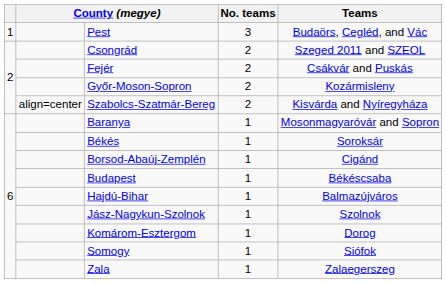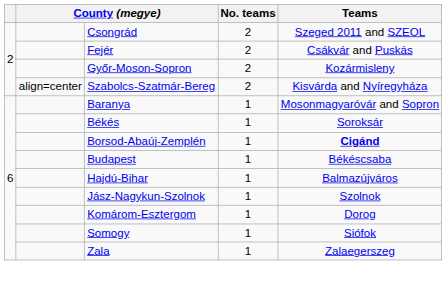 <table class="wikitable">
 <tr>
 <th></th>
 <th colspan=2><a href='#'>County</a> <em>(megye)</em></th>
 <th>No. teams</th>
 <th>Teams</th>
-</tr>
-<tr>
-<td rowspan=1>1</td>
-<td align=center></td>
-<td><a href='#'>Pest</a></td>
-<td align=center>3</td>
-<td align=center><a href='#'>Budaörs</a>, <a href='#'>Cegléd</a>, and <a href='#'>Vác</a></td>
 </tr>
 <tr>
 <td rowspan=4>2</td>
 <td align=center></td>
 <td><a href='#'>Csongrád</a></td>
 <td align=center>2</td>
 <td align=center><a href='#'>Szeged 2011</a> and <a href='#'>SZEOL</a></td>
 </tr>
 <tr>
 <td align=center></td>
 <td><a href='#'>Fejér</a></td>
 <td align=center>2</td>
 <td align=center><a href='#'>Csákvár</a> and <a href='#'>Puskás</a></td>
 </tr>
 <tr>
 <td align=center></td>
 <td><a href='#'>Győr-Moson-Sopron</a></td>
 <td align=center>2</td>
 <td align=center><a href='#'>Kozármisleny</a></td>
 </tr>
 <tr>
 <td>align=center</td>
 <td><a href='#'>Szabolcs-Szatmár-Bereg</a></td>
 <td align=center>2</td>
 <td align=center><a href='#'>Kisvárda</a> and <a href='#'>Nyíregyháza</a></td>
 </tr>
 <tr>
 <td rowspan=9>6</td>
 <td align=center></td>
 <td><a href='#'>Baranya</a></td>
 <td align=center>1</td>
 <td align=center><a href='#'>Mosonmagyaróvár</a> and <a href='#'>Sopron</a></td>
 </tr>
 <tr>
 <td align=center></td>
 <td><a href='#'>Békés</a></td>
 <td align=center>1</td>
 <td align=center><a href='#'>Soroksár</a></td>
 </tr>
 <tr>
 <td align=center></td>
 <td><a href='#'>Borsod-Abaúj-Zemplén</a></td>
 <td align=center>1</td>
-<td align=center><a href='#'>Cigánd</a></td>
+<td align=center><strong><a href='#'>Cigánd</a></strong></td>
 </tr>
 <tr>
 <td align=center></td>
 <td><a href='#'>Budapest</a></td>
 <td align=center>1</td>
 <td align=center><a href='#'>Békéscsaba</a></td>
 </tr>
 <tr>
 <td align=center></td>
 <td><a href='#'>Hajdú-Bihar</a></td>
 <td align=center>1</td>
 <td align=center><a href='#'>Balmazújváros</a></td>
 </tr>
 <tr>
 <td align=center></td>
 <td><a href='#'>Jász-Nagykun-Szolnok</a></td>
 <td align=center>1</td>
 <td align=center><a href='#'>Szolnok</a></td>
 </tr>
 <tr>
 <td align=center></td>
 <td><a href='#'>Komárom-Esztergom</a></td>
 <td align=center>1</td>
 <td align=center><a href='#'>Dorog</a></td>
 </tr>
 <tr>
 <td align=center></td>
 <td><a href='#'>Somogy</a></td>
 <td align=center>1</td>
 <td align=center><a href='#'>Siófok</a></td>
 </tr>
 <tr>
 <td align=center></td>
 <td><a href='#'>Zala</a></td>
 <td align=center>1</td>
 <td align=center><a href='#'>Zalaegerszeg</a></td>
 </tr>
 </table>
